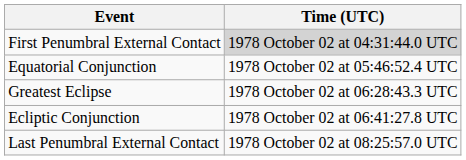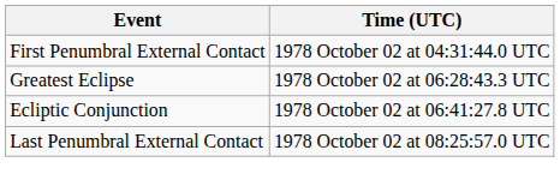 <table class="wikitable">
 <tr>
 <th>Event</th>
 <th>Time (UTC)</th>
 </tr>
 <tr>
 <td>First Penumbral External Contact</td>
-<td style="background: lightgrey;">1978 October 02 at 04:31:44.0 UTC</td>
-</tr>
-<tr>
-<td>Equatorial Conjunction</td>
-<td>1978 October 02 at 05:46:52.4 UTC</td>
+<td>1978 October 02 at 04:31:44.0 UTC</td>
 </tr>
 <tr>
 <td>Greatest Eclipse</td>
 <td>1978 October 02 at 06:28:43.3 UTC</td>
 </tr>
 <tr>
 <td>Ecliptic Conjunction</td>
 <td>1978 October 02 at 06:41:27.8 UTC</td>
 </tr>
 <tr>
 <td>Last Penumbral External Contact</td>
 <td>1978 October 02 at 08:25:57.0 UTC</td>
 </tr>
 </table>
